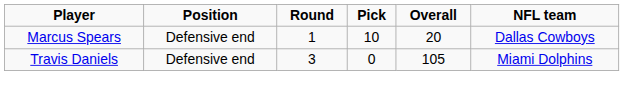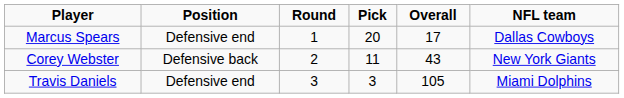 <table class="wikitable" width="80%">
 <tr align="center">
 <td><strong>Player</strong></td>
 <td><strong>Position</strong></td>
 <td><strong>Round</strong></td>
 <td><strong>Pick</strong></td>
 <td><strong>Overall</strong></td>
 <td><strong>NFL team</strong></td>
 </tr>
 <tr align="center" bgcolor="">
 <td><a href='#'>Marcus Spears</a></td>
 <td>Defensive end</td>
 <td>1</td>
-<td>10</td>
 <td>20</td>
+<td>17</td>
 <td><a href='#'>Dallas Cowboys</a></td>
+</tr>
+<tr align="center" bgcolor="">
+<td><a href='#'>Corey Webster</a></td>
+<td>Defensive back</td>
+<td>2</td>
+<td>11</td>
+<td>43</td>
+<td><a href='#'>New York Giants</a></td>
 </tr>
 <tr align="center" bgcolor="">
 <td><a href='#'>Travis Daniels</a></td>
 <td>Defensive end</td>
 <td>3</td>
-<td>0</td>
+<td>3</td>
 <td>105</td>
 <td><a href='#'>Miami Dolphins</a></td>
 </tr>
 </table>
